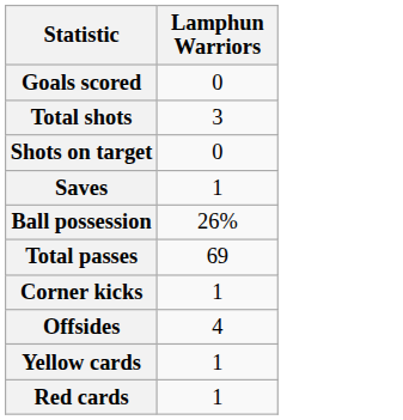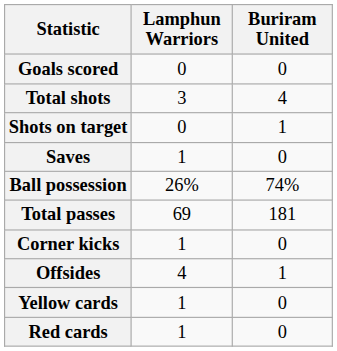 <table class="wikitable plainrowheaders" style="text-align:center">
 <tr>
 <th scope="col">Statistic</th>
 <th scope="col" style="width:80px">Lamphun Warriors</th>
+<th scope="col" style="width:80px">Buriram United</th>
 </tr>
 <tr>
 <th scope=row>Goals scored</th>
+<td>0</td>
 <td>0</td>
 </tr>
 <tr>
 <th scope=row>Total shots</th>
 <td>3</td>
+<td>4</td>
 </tr>
 <tr>
 <th scope=row>Shots on target</th>
 <td>0</td>
+<td>1</td>
 </tr>
 <tr>
 <th scope=row>Saves</th>
 <td>1</td>
+<td>0</td>
 </tr>
 <tr>
 <th scope=row>Ball possession</th>
 <td>26%</td>
+<td>74%</td>
 </tr>
 <tr>
 <th scope=row>Total passes</th>
 <td>69</td>
+<td>181</td>
 </tr>
 <tr>
 <th scope=row>Corner kicks</th>
 <td>1</td>
+<td>0</td>
 </tr>
 <tr>
 <th scope=row>Offsides</th>
 <td>4</td>
+<td>1</td>
 </tr>
 <tr>
 <th scope=row>Yellow cards</th>
 <td>1</td>
+<td>0</td>
 </tr>
 <tr>
 <th scope=row>Red cards</th>
 <td>1</td>
+<td>0</td>
 </tr>
 </table>
